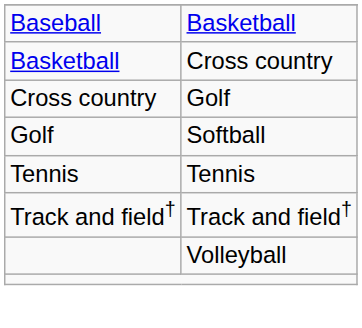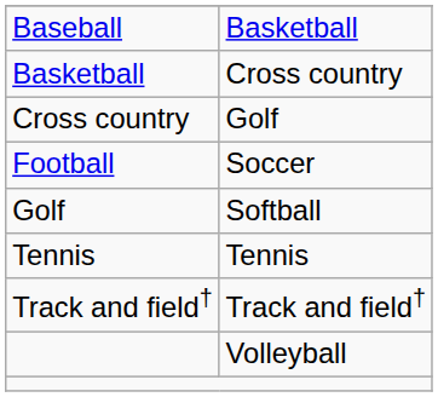 <table class="wikitable" style= " ">
 <tr>
 </tr>
 <tr>
 <td><a href='#'>Baseball</a></td>
 <td><a href='#'>Basketball</a></td>
 </tr>
 <tr>
 <td><a href='#'>Basketball</a></td>
 <td>Cross country</td>
 </tr>
 <tr>
 <td>Cross country</td>
 <td>Golf</td>
+</tr>
+<tr>
+<td><a href='#'>Football</a></td>
+<td>Soccer</td>
 </tr>
 <tr>
 <td>Golf</td>
 <td>Softball</td>
 </tr>
 <tr>
 <td>Tennis</td>
 <td>Tennis</td>
 </tr>
 <tr>
 <td>Track and field<sup>†</sup></td>
 <td>Track and field<sup>†</sup></td>
 </tr>
 <tr>
 <td></td>
 <td>Volleyball</td>
 </tr>
 <tr>
 <td colspan="2"></td>
 </tr>
 </table>
